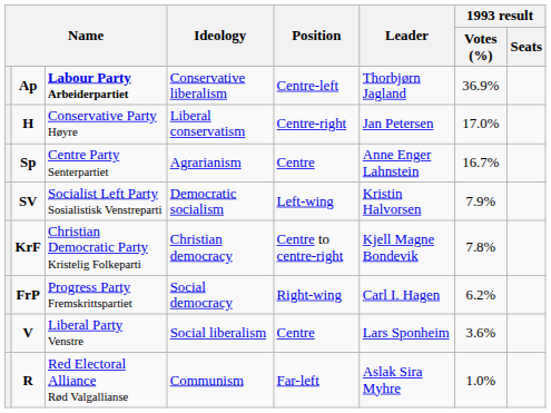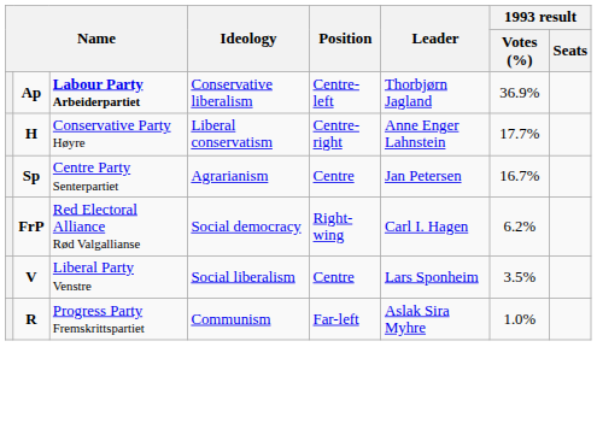 <table class="wikitable">
 <tr>
 <th rowspan=2 colspan=3 width=225px>Name</th>
 <th rowspan=2>Ideology</th>
 <th rowspan=2>Position</th>
 <th rowspan=2>Leader</th>
 <th colspan=2>1993 result</th>
 </tr>
 <tr>
 <th>Votes (%)</th>
 <th>Seats</th>
 </tr>
 <tr>
 <th style="background:"></th>
 <td align=center><strong>Ap</strong></td>
 <td><strong><a href='#'>Labour Party</a><br><small>Arbeiderpartiet</small></strong></td>
 <td><a href='#'>Conservative liberalism</a></td>
 <td><a href='#'>Centre-left</a></td>
 <td><a href='#'>Thorbjørn Jagland</a></td>
 <td align=center>36.9%</td>
 <td></td>
 </tr>
 <tr>
 <th style="background:"></th>
 <td align=center><strong>H</strong></td>
 <td><a href='#'>Conservative Party</a><br><small>Høyre</small></td>
 <td><a href='#'>Liberal conservatism</a></td>
 <td><a href='#'>Centre-right</a></td>
-<td><a href='#'>Jan Petersen</a></td>
-<td align=center>17.0%</td>
+<td><a href='#'>Anne Enger Lahnstein</a></td>
+<td align=center>17.7%</td>
 <td></td>
 </tr>
 <tr>
 <th style="background:"></th>
 <td align="center"><strong>Sp</strong></td>
 <td><a href='#'>Centre Party</a><br><small>Senterpartiet</small></td>
 <td><a href='#'>Agrarianism</a></td>
 <td><a href='#'>Centre</a></td>
-<td><a href='#'>Anne Enger Lahnstein</a></td>
+<td><a href='#'>Jan Petersen</a></td>
 <td align="center">16.7%</td>
 <td></td>
 </tr>
 <tr>
 <th style="background:"></th>
-<td align="center"><strong>SV</strong></td>
-<td><a href='#'>Socialist Left Party</a><br><small>Sosialistisk Venstreparti</small></td>
-<td><a href='#'>Democratic socialism</a></td>
-<td><a href='#'>Left-wing</a></td>
-<td><a href='#'>Kristin Halvorsen</a></td>
-<td align="center">7.9%</td>
-<td></td>
-</tr>
-<tr>
-<th style="background:"></th>
-<td align="center"><strong>KrF</strong></td>
-<td><a href='#'>Christian Democratic Party</a><br><small>Kristelig Folkeparti</small></td>
-<td><a href='#'>Christian democracy</a></td>
-<td><a href='#'>Centre</a> to <a href='#'>centre-right</a></td>
-<td><a href='#'>Kjell Magne Bondevik</a></td>
-<td align="center">7.8%</td>
-<td></td>
-</tr>
-<tr>
-<th style="background:"></th>
 <td align="center"><strong>FrP</strong></td>
-<td><a href='#'>Progress Party</a><br><small>Fremskrittspartiet</small></td>
+<td><a href='#'>Red Electoral Alliance</a><br><small>Rød Valgallianse</small></td>
 <td><a href='#'>Social democracy</a></td>
 <td><a href='#'>Right-wing</a></td>
 <td><a href='#'>Carl I. Hagen</a></td>
 <td align="center">6.2%</td>
 <td></td>
 </tr>
 <tr>
 <th style="background:"></th>
 <td align="center"><strong>V</strong></td>
 <td><a href='#'>Liberal Party</a><br><small>Venstre</small></td>
 <td><a href='#'>Social liberalism</a></td>
 <td><a href='#'>Centre</a></td>
 <td><a href='#'>Lars Sponheim</a></td>
-<td align="center">3.6%</td>
+<td align="center">3.5%</td>
 <td></td>
 </tr>
 <tr>
 <th style="background:"></th>
 <td align="center"><strong>R</strong></td>
-<td><a href='#'>Red Electoral Alliance</a><br><small>Rød Valgallianse</small></td>
+<td><a href='#'>Progress Party</a><br><small>Fremskrittspartiet</small></td>
 <td><a href='#'>Communism</a></td>
 <td><a href='#'>Far-left</a></td>
 <td><a href='#'>Aslak Sira Myhre</a></td>
 <td align="center">1.0%</td>
 <td></td>
 </tr>
 </table>
